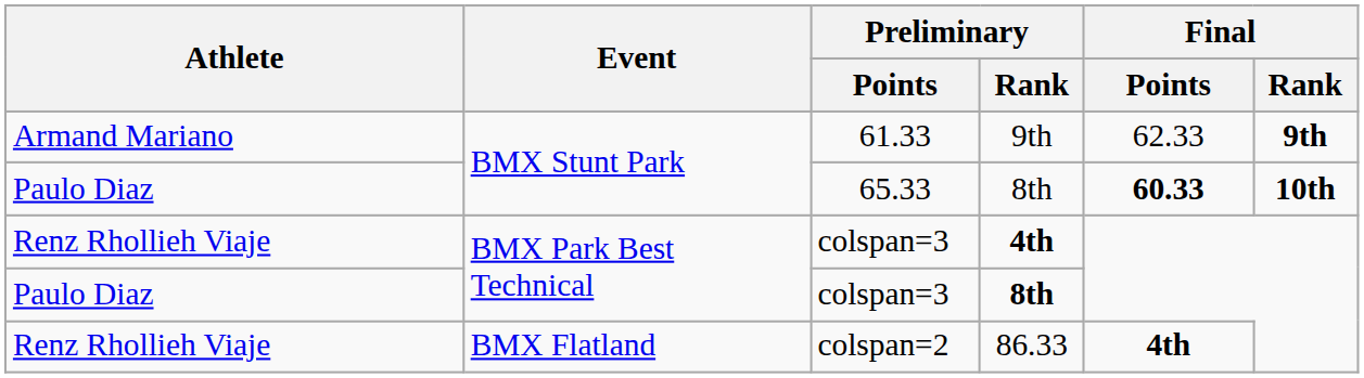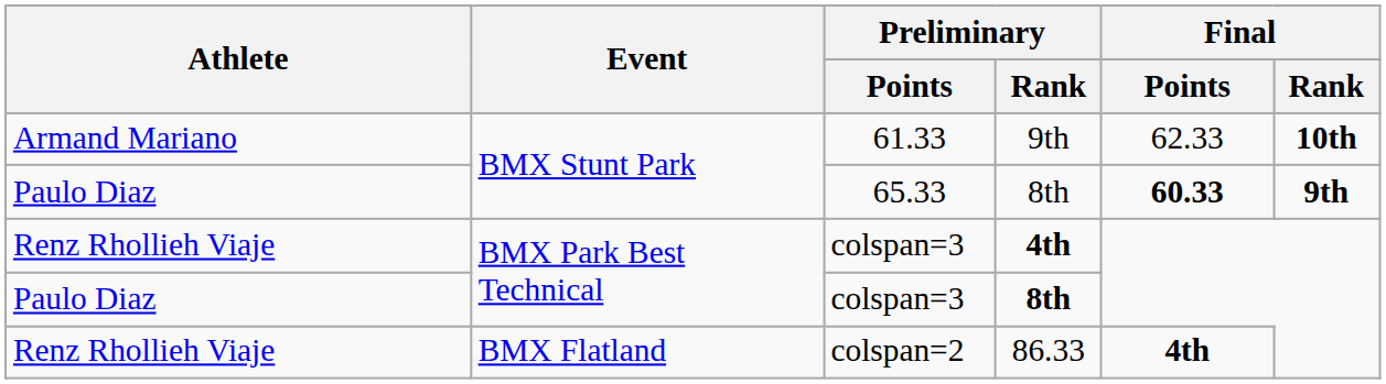 <table class="wikitable" border="1" style="font-size:90%">
 <tr>
 <th rowspan=2 width= 200>Athlete</th>
 <th rowspan=2 width= 150>Event</th>
 <th colspan=2>Preliminary</th>
 <th colspan=2>Final</th>
 </tr>
 <tr>
 <th width=70 align=center>Points</th>
 <th width=40 align=center>Rank</th>
 <th width=70 align=center>Points</th>
 <th width=40 align=center>Rank</th>
 </tr>
 <tr>
 <td><a href='#'>Armand Mariano</a></td>
 <td rowspan=2><a href='#'>BMX Stunt Park</a></td>
 <td align=center>61.33</td>
 <td align=center>9th</td>
 <td align=center>62.33</td>
-<td align=center><strong>9th</strong></td>
+<td align=center><strong>10th</strong></td>
 </tr>
 <tr>
 <td><a href='#'>Paulo Diaz</a></td>
 <td align=center>65.33</td>
 <td align=center>8th</td>
 <td align=center><strong>60.33</strong></td>
-<td align=center><strong>10th</strong></td>
+<td align=center><strong>9th</strong></td>
 </tr>
 <tr>
 <td><a href='#'>Renz Rhollieh Viaje</a></td>
 <td rowspan=2><a href='#'>BMX Park Best Technical</a></td>
 <td>colspan=3 </td>
 <td align=center><strong>4th</strong></td>
 </tr>
 <tr>
 <td><a href='#'>Paulo Diaz</a></td>
 <td>colspan=3 </td>
 <td align=center><strong>8th</strong></td>
 </tr>
 <tr>
 <td><a href='#'>Renz Rhollieh Viaje</a></td>
 <td><a href='#'>BMX Flatland</a></td>
 <td>colspan=2 </td>
 <td align=center>86.33</td>
 <td align=center><strong>4th</strong></td>
 </tr>
 </table>
